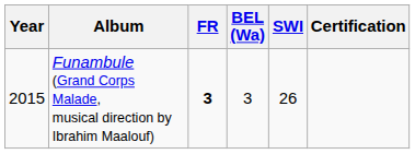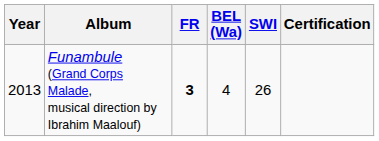 <table class="wikitable">
 <tr>
 <th style="width:10px;">Year</th>
 <th style="width:130px;">Album</th>
 <th width="30"><a href='#'>FR</a></th>
 <th width="30"><a href='#'>BEL <br>(Wa)</a></th>
 <th width="30"><a href='#'>SWI</a></th>
 <th width="70">Certification <br></th>
 </tr>
 <tr>
-<td>2015</td>
+<td>2013</td>
 <td><em><a href='#'>Funambule</a></em> <br><small>(<a href='#'>Grand Corps Malade</a>, <br>musical direction by Ibrahim Maalouf)</small></td>
 <td style="text-align:center;"><strong>3</strong></td>
-<td style="text-align:center;">3</td>
+<td style="text-align:center;">4</td>
 <td style="text-align:center;">26</td>
 <td></td>
 </tr>
 </table>
